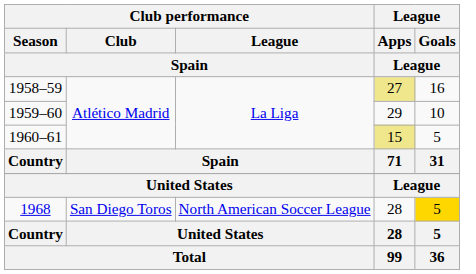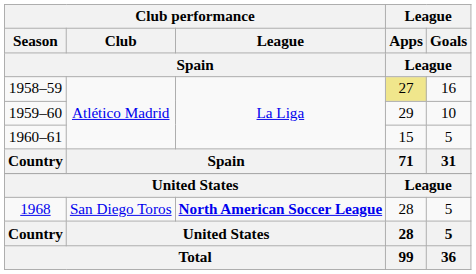 <table class="wikitable" style="text-align:center;">
 <tr>
 <th colspan=3>Club performance</th>
 <th colspan=2>League</th>
 </tr>
 <tr>
 <th>Season</th>
 <th>Club</th>
 <th>League</th>
 <th>Apps</th>
 <th>Goals</th>
 </tr>
 <tr>
 <th colspan=3>Spain</th>
 <th colspan=2>League</th>
 </tr>
 <tr>
 <td>1958–59</td>
 <td rowspan="3"><a href='#'>Atlético Madrid</a></td>
 <td rowspan="3"><a href='#'>La Liga</a></td>
 <td style="background: khaki;">27</td>
 <td>16</td>
 </tr>
 <tr>
 <td>1959–60</td>
 <td>29</td>
 <td>10</td>
 </tr>
 <tr>
 <td>1960–61</td>
-<td style="background: khaki;">15</td>
+<td>15</td>
 <td>5</td>
 </tr>
 <tr>
 <th rowspan=1>Country</th>
 <th colspan=2>Spain</th>
 <th>71</th>
 <th>31</th>
 </tr>
 <tr>
 </tr>
 <tr>
 <th colspan=3>United States</th>
 <th colspan=2>League</th>
 </tr>
 <tr>
 <td><a href='#'>1968</a></td>
 <td><a href='#'>San Diego Toros</a></td>
-<td><a href='#'>North American Soccer League</a></td>
+<td><strong><a href='#'>North American Soccer League</a></strong></td>
 <td>28</td>
-<td style="background: gold;">5</td>
+<td>5</td>
 </tr>
 <tr>
 <th rowspan=1>Country</th>
 <th colspan=2>United States</th>
 <th>28</th>
 <th>5</th>
 </tr>
 <tr>
 <th colspan=3>Total</th>
 <th>99</th>
 <th>36</th>
 </tr>
 </table>
